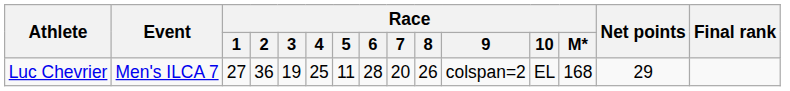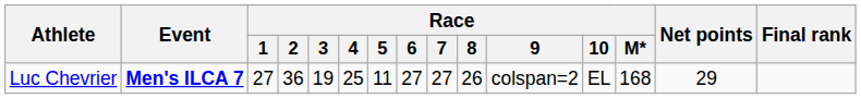 <table class="wikitable" style="font-size:90%">
 <tr>
 <th rowspan="2">Athlete</th>
 <th rowspan="2">Event</th>
 <th colspan=11>Race</th>
 <th rowspan=2>Net points</th>
 <th rowspan=2>Final rank</th>
 </tr>
 <tr style="font-size:95%">
 <th>1</th>
 <th>2</th>
 <th>3</th>
 <th>4</th>
 <th>5</th>
 <th>6</th>
 <th>7</th>
 <th>8</th>
 <th>9</th>
 <th>10</th>
 <th>M*</th>
 </tr>
 <tr align=center>
 <td align=left><a href='#'>Luc Chevrier</a></td>
-<td align=left><a href='#'>Men's ILCA 7</a></td>
+<td align=left><strong><a href='#'>Men's ILCA 7</a></strong></td>
 <td>27</td>
 <td>36</td>
 <td>19</td>
 <td>25</td>
 <td>11</td>
-<td>28</td>
-<td>20</td>
+<td>27</td>
+<td>27</td>
 <td>26</td>
 <td>colspan=2 </td>
 <td>EL</td>
 <td>168</td>
 <td>29</td>
 </tr>
 </table>
